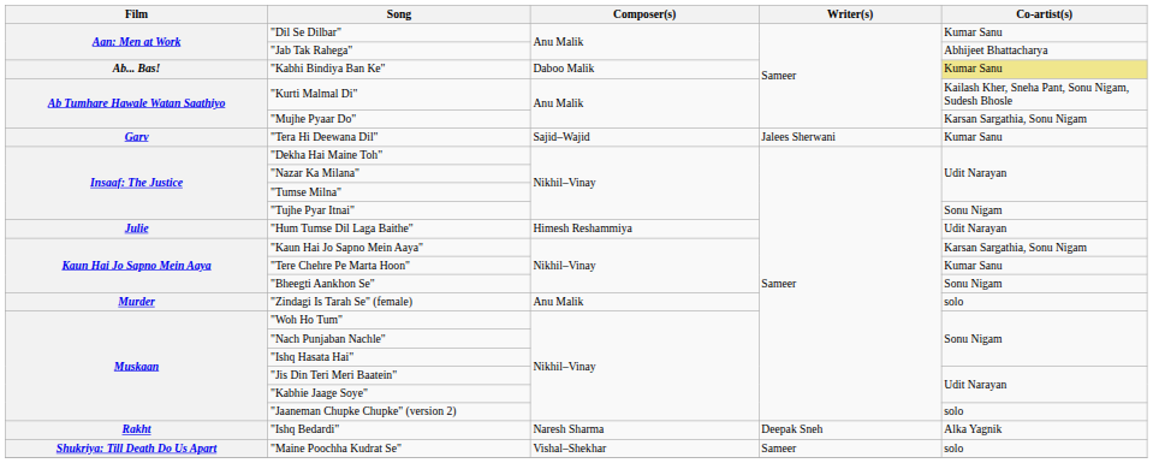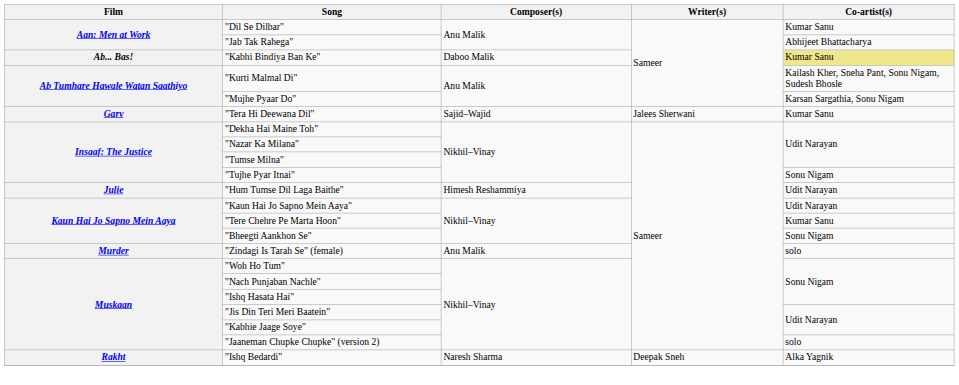 <table class="wikitable plainrowheaders" style="width:100%; textcolor:#000">
 <tr style="background:#b0e0e66;">
 <th scope="col" style="width:23%;"><strong>Film</strong></th>
 <th scope="col" style="width:23%;"><strong>Song</strong></th>
 <th scope="col" style="width:20%;"><strong>Composer(s)</strong></th>
 <th scope="col" style="width:16%;"><strong>Writer(s)</strong></th>
 <th scope="col" style="width:18%;"><strong>Co-artist(s)</strong></th>
 </tr>
 <tr>
 <th Rowspan=2><em><a href='#'>Aan: Men at Work</a></em></th>
 <td>"Dil Se Dilbar"</td>
 <td rowspan=2>Anu Malik</td>
 <td rowspan=5>Sameer</td>
 <td>Kumar Sanu</td>
 </tr>
 <tr>
 <td>"Jab Tak Rahega"</td>
 <td>Abhijeet Bhattacharya</td>
 </tr>
 <tr>
 <th><em>Ab... Bas!</em></th>
 <td>"Kabhi Bindiya Ban Ke"</td>
 <td>Daboo Malik</td>
 <td style="background: khaki;">Kumar Sanu</td>
 </tr>
 <tr>
 <th Rowspan=2><em><a href='#'>Ab Tumhare Hawale Watan Saathiyo</a></em></th>
 <td>"Kurti Malmal Di"</td>
 <td rowspan=2>Anu Malik</td>
 <td>Kailash Kher, Sneha Pant, Sonu Nigam, Sudesh Bhosle</td>
 </tr>
 <tr>
 <td>"Mujhe Pyaar Do"</td>
 <td>Karsan Sargathia, Sonu Nigam</td>
 </tr>
 <tr>
 <th><em><a href='#'>Garv</a></em></th>
 <td>"Tera Hi Deewana Dil"</td>
 <td>Sajid–Wajid</td>
 <td>Jalees Sherwani</td>
 <td>Kumar Sanu</td>
 </tr>
 <tr>
 <th Rowspan=4><em><a href='#'>Insaaf: The Justice</a></em></th>
 <td>"Dekha Hai Maine Toh"</td>
 <td rowspan=4>Nikhil–Vinay</td>
 <td Rowspan=15>Sameer</td>
 <td rowspan=3>Udit Narayan</td>
 </tr>
 <tr>
 <td>"Nazar Ka Milana"</td>
 </tr>
 <tr>
 <td>"Tumse Milna"</td>
 </tr>
 <tr>
 <td>"Tujhe Pyar Itnai"</td>
 <td>Sonu Nigam</td>
 </tr>
 <tr>
 <th><em><a href='#'>Julie</a></em></th>
 <td>"Hum Tumse Dil Laga Baithe"</td>
 <td>Himesh Reshammiya</td>
 <td>Udit Narayan</td>
 </tr>
 <tr>
 <th Rowspan=3><em><a href='#'>Kaun Hai Jo Sapno Mein Aaya</a></em></th>
 <td>"Kaun Hai Jo Sapno Mein Aaya"</td>
 <td rowspan=3>Nikhil–Vinay</td>
-<td>Karsan Sargathia, Sonu Nigam</td>
+<td>Udit Narayan</td>
 </tr>
 <tr>
 <td>"Tere Chehre Pe Marta Hoon"</td>
 <td>Kumar Sanu</td>
 </tr>
 <tr>
 <td>"Bheegti Aankhon Se"</td>
 <td>Sonu Nigam</td>
 </tr>
 <tr>
 <th><em><a href='#'>Murder</a></em></th>
 <td>"Zindagi Is Tarah Se" (female)</td>
 <td>Anu Malik</td>
 <td>solo</td>
 </tr>
 <tr>
 <th Rowspan=6><em><a href='#'>Muskaan</a></em></th>
 <td>"Woh Ho Tum"</td>
 <td rowspan=6>Nikhil–Vinay</td>
 <td Rowspan=3>Sonu Nigam</td>
 </tr>
 <tr>
 <td>"Nach Punjaban Nachle"</td>
 </tr>
 <tr>
 <td>"Ishq Hasata Hai"</td>
 </tr>
 <tr>
 <td>"Jis Din Teri Meri Baatein"</td>
 <td rowspan=2>Udit Narayan</td>
 </tr>
 <tr>
 <td>"Kabhie Jaage Soye"</td>
 </tr>
 <tr>
 <td>"Jaaneman Chupke Chupke" (version 2)</td>
 <td>solo</td>
 </tr>
 <tr>
 <th><em><a href='#'>Rakht</a></em></th>
 <td>"Ishq Bedardi"</td>
 <td>Naresh Sharma</td>
 <td>Deepak Sneh</td>
 <td>Alka Yagnik</td>
 </tr>
 <tr>
-<th><em><a href='#'>Shukriya: Till Death Do Us Apart</a></em></th>
-<td>"Maine Poochha Kudrat Se"</td>
-<td>Vishal–Shekhar</td>
-<td>Sameer</td>
-<td>solo</td>
-</tr>
-<tr>
 </tr>
 </table>
